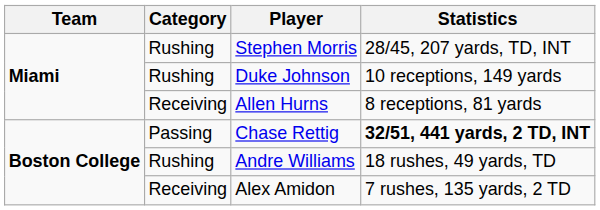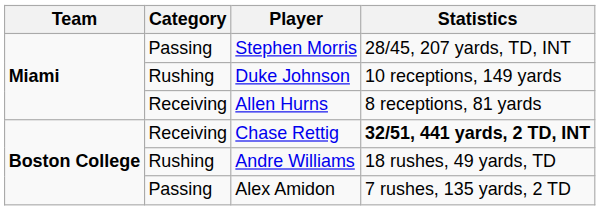 <table class="wikitable" style="float: left;">
 <tr>
 <th>Team</th>
 <th>Category</th>
 <th>Player</th>
 <th>Statistics</th>
 </tr>
 <tr>
 <td rowspan=3><strong>Miami</strong></td>
-<td>Rushing</td>
+<td>Passing</td>
 <td><a href='#'>Stephen Morris</a></td>
 <td>28/45, 207 yards, TD, INT</td>
 </tr>
 <tr>
 <td>Rushing</td>
 <td><a href='#'>Duke Johnson</a></td>
 <td>10 receptions, 149 yards</td>
 </tr>
 <tr>
 <td>Receiving</td>
 <td><a href='#'>Allen Hurns</a></td>
 <td>8 receptions, 81 yards</td>
 </tr>
 <tr>
 <td rowspan=3><strong>Boston College</strong></td>
-<td>Passing</td>
+<td>Receiving</td>
 <td><a href='#'>Chase Rettig</a></td>
 <td><strong>32/51, 441 yards, 2 TD, INT</strong></td>
 </tr>
 <tr>
 <td>Rushing</td>
 <td><a href='#'>Andre Williams</a></td>
 <td>18 rushes, 49 yards, TD</td>
 </tr>
 <tr>
-<td>Receiving</td>
+<td>Passing</td>
 <td>Alex Amidon</td>
 <td>7 rushes, 135 yards, 2 TD</td>
 </tr>
 </table>
